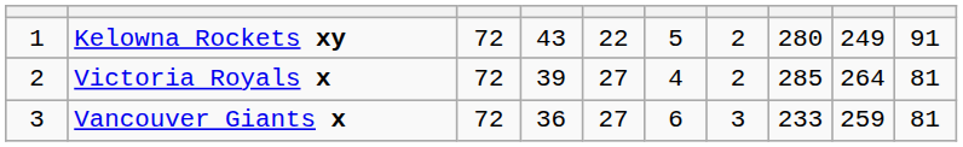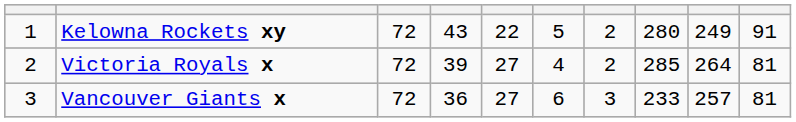 <table class="wikitable sortable">
 <tr>
 <th style="width:2em"></th>
 <th style="width:15em;" class="unsortable"></th>
 <th style="width:2em;"></th>
 <th style="width:2em;"></th>
 <th style="width:2em;"></th>
 <th style="width:2em;"></th>
 <th style="width:2em;"></th>
 <th style="width:2em;"></th>
 <th style="width:2em;"></th>
 <th style="width:2em;"></th>
 </tr>
 <tr style="font-weight: ; text-align: center;">
 <td>1</td>
 <td style="text-align:left;"><a href='#'>Kelowna Rockets</a> <strong>xy</strong></td>
 <td>72</td>
 <td>43</td>
 <td>22</td>
 <td>5</td>
 <td>2</td>
 <td>280</td>
 <td>249</td>
 <td>91</td>
 </tr>
 <tr style="font-weight: ; text-align: center;">
 <td>2</td>
 <td style="text-align:left;"><a href='#'>Victoria Royals</a> <strong>x</strong></td>
 <td>72</td>
 <td>39</td>
 <td>27</td>
 <td>4</td>
 <td>2</td>
 <td>285</td>
 <td>264</td>
 <td>81</td>
 </tr>
 <tr style="font-weight: ; text-align: center;">
 <td>3</td>
 <td style="text-align:left;"><a href='#'>Vancouver Giants</a> <strong>x</strong></td>
 <td>72</td>
 <td>36</td>
 <td>27</td>
 <td>6</td>
 <td>3</td>
 <td>233</td>
-<td>259</td>
+<td>257</td>
 <td>81</td>
 </tr>
 </table>
